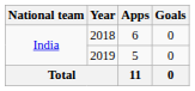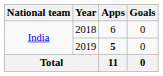 <table class="wikitable" style="text-align: center;">
 <tr>
 <th>National team</th>
 <th>Year</th>
 <th>Apps</th>
 <th>Goals</th>
 </tr>
 <tr>
 <td rowspan="2"><a href='#'>India</a></td>
 <td>2018</td>
 <td>6</td>
 <td>0</td>
 </tr>
 <tr>
 <td>2019</td>
-<td>5</td>
+<td><strong>5</strong></td>
 <td>0</td>
 </tr>
 <tr>
 <th colspan="2">Total</th>
 <th>11</th>
 <th>0</th>
 </tr>
 </table>
